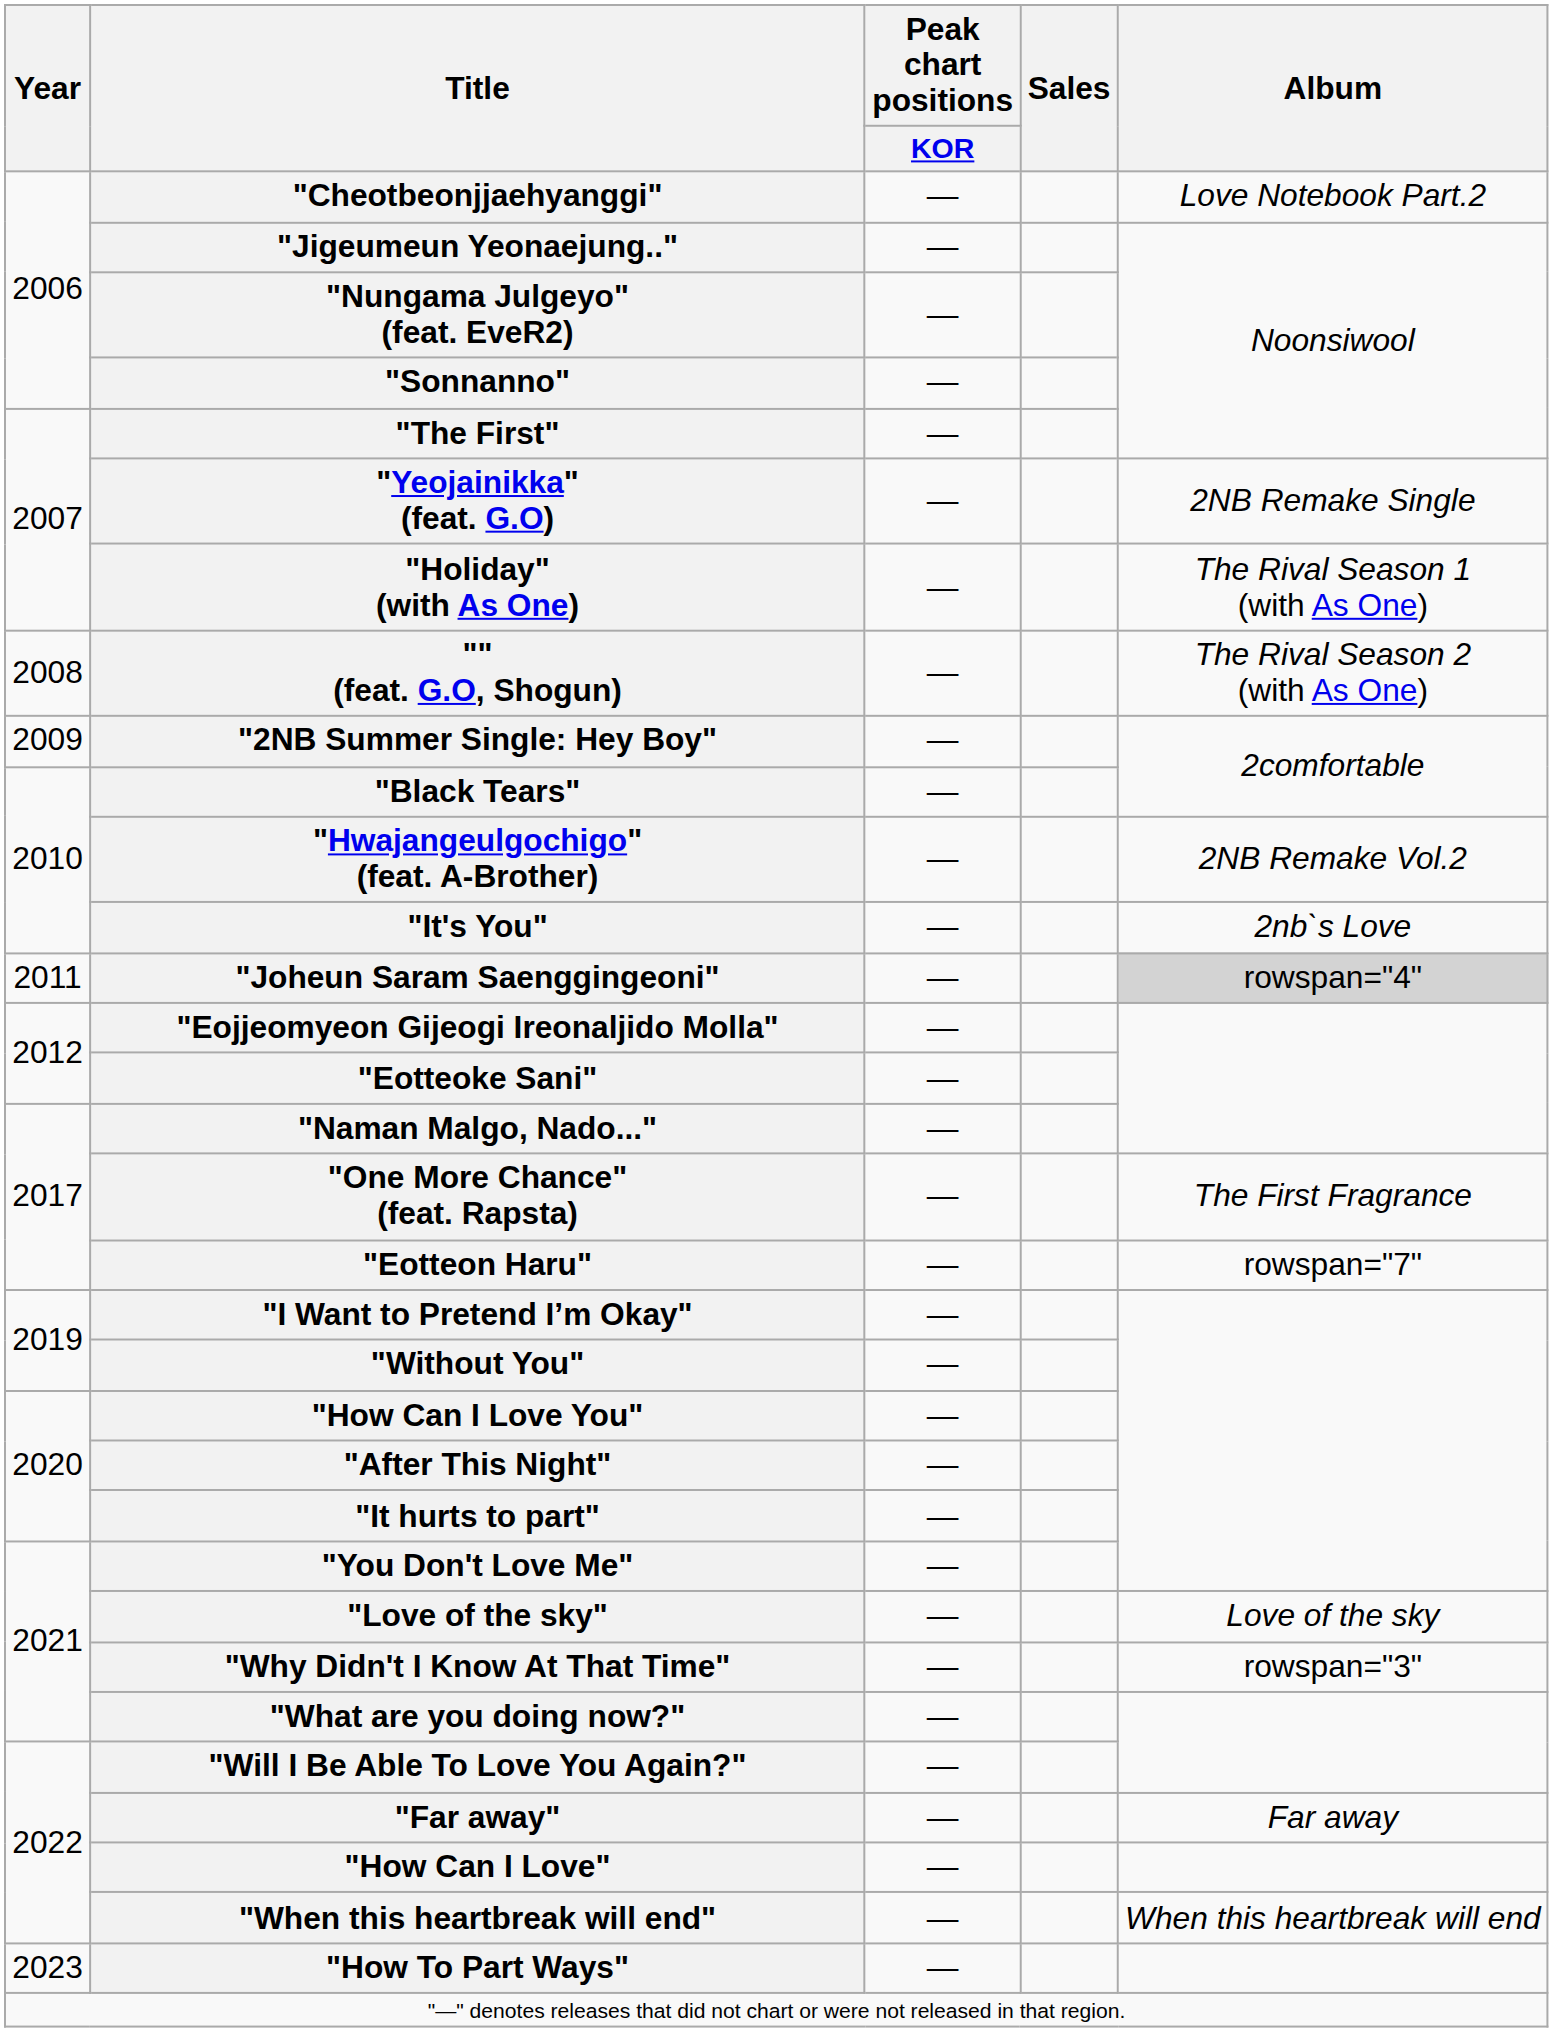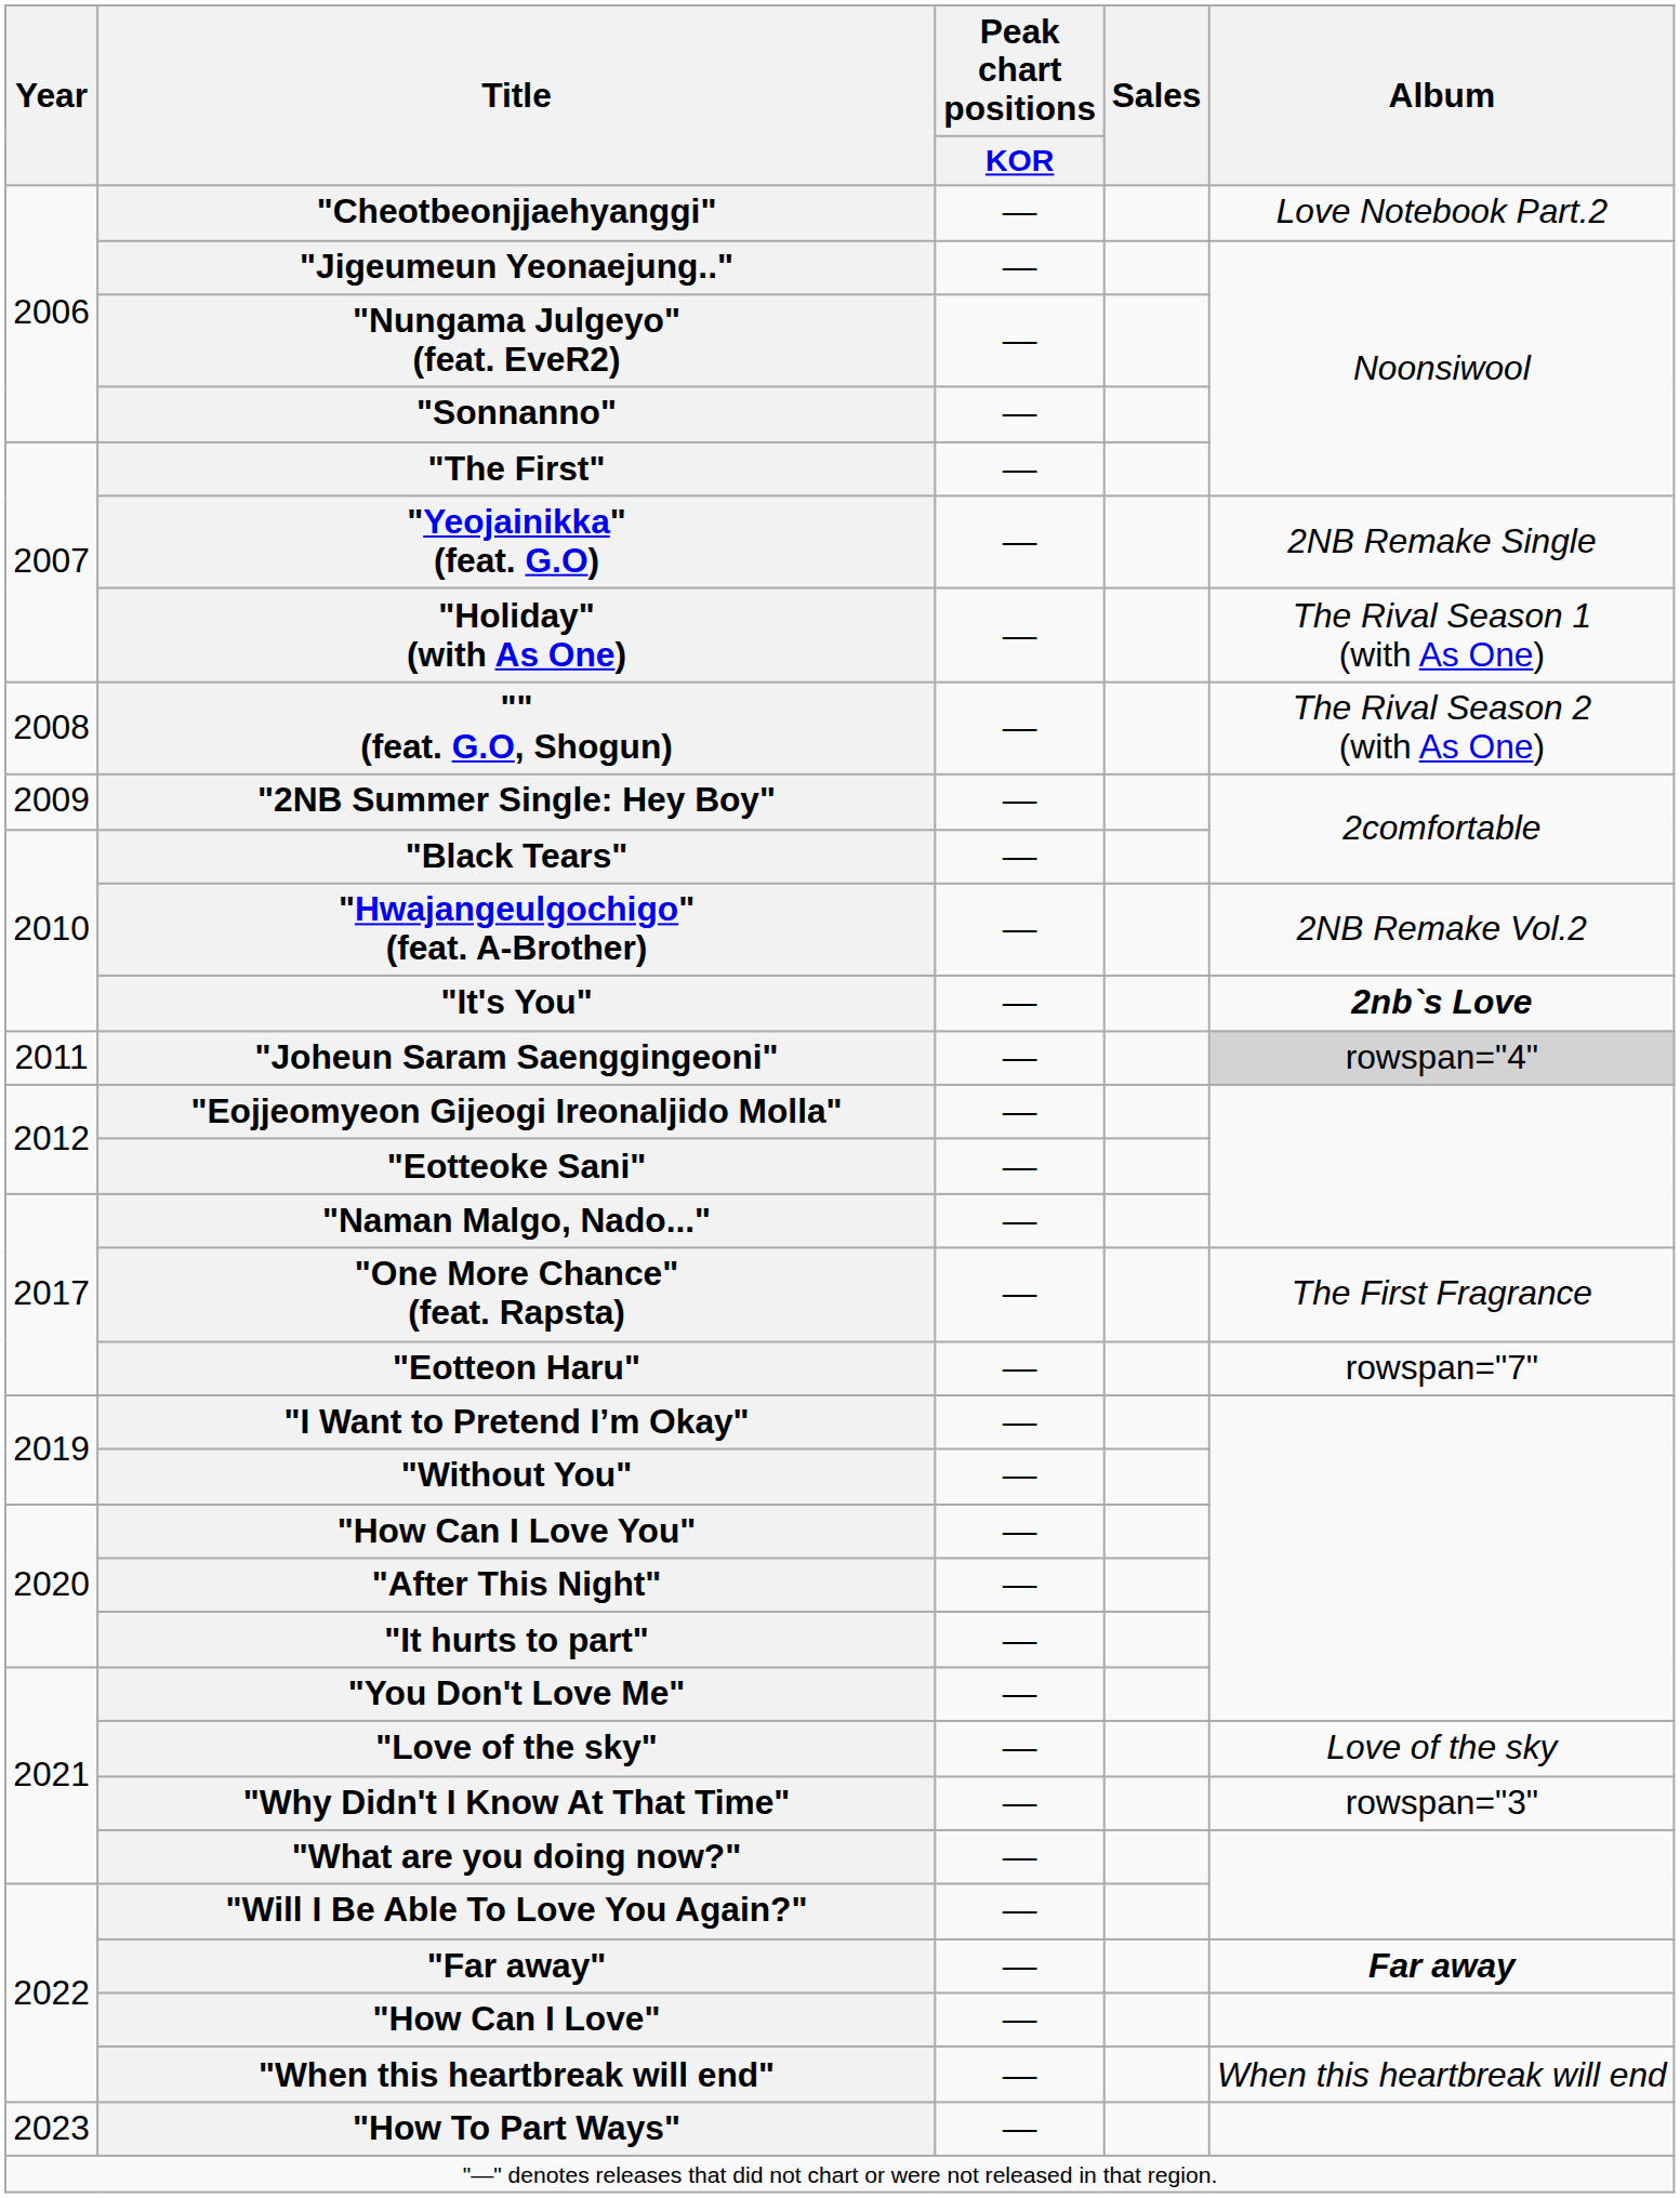 <table class="wikitable plainrowheaders" style="text-align:center;">
 <tr>
 <th scope="col" rowspan="2">Year</th>
 <th scope="col" rowspan="2" style="width:24em;">Title</th>
 <th colspan="1">Peak chart positions</th>
 <th rowspan="2">Sales</th>
 <th rowspan="2">Album</th>
 </tr>
 <tr>
 <th scope="col" style="width:4em;font-size:90%;"><a href='#'>KOR</a><br></th>
 </tr>
 <tr>
 <td rowspan="4">2006</td>
 <th scope="row">"Cheotbeonjjaehyanggi" </th>
 <td>—</td>
 <td></td>
 <td><em>Love Notebook Part.2</em></td>
 </tr>
 <tr>
 <th scope="row">"Jigeumeun Yeonaejung.." </th>
 <td>—</td>
 <td></td>
 <td rowspan="4"><em>Noonsiwool</em></td>
 </tr>
 <tr>
 <th scope="row">"Nungama Julgeyo" <br>(feat. EveR2)</th>
 <td>—</td>
 <td></td>
 </tr>
 <tr>
 <th scope="row">"Sonnanno" </th>
 <td>—</td>
 <td></td>
 </tr>
 <tr>
 <td rowspan="3">2007</td>
 <th scope="row">"The First" </th>
 <td>—</td>
 <td></td>
 </tr>
 <tr>
 <th scope="row">"<a href='#'>Yeojainikka</a>"  <br>(feat. <a href='#'>G.O</a>)</th>
 <td>—</td>
 <td></td>
 <td><em>2NB Remake Single</em></td>
 </tr>
 <tr>
 <th scope="row">"Holiday" <br>(with <a href='#'>As One</a>)</th>
 <td>—</td>
 <td></td>
 <td><em>The Rival Season 1</em> <br>(with <a href='#'>As One</a>)</td>
 </tr>
 <tr>
 <td>2008</td>
 <th scope="row">"" <br>(feat. <a href='#'>G.O</a>, Shogun)</th>
 <td>—</td>
 <td></td>
 <td><em>The Rival Season 2</em> <br>(with <a href='#'>As One</a>)</td>
 </tr>
 <tr>
 <td>2009</td>
 <th scope="row">"2NB Summer Single: Hey Boy"</th>
 <td>—</td>
 <td></td>
 <td rowspan="2"><em>2comfortable</em></td>
 </tr>
 <tr>
 <td rowspan="3">2010</td>
 <th scope="row">"Black Tears" </th>
 <td>—</td>
 <td></td>
 </tr>
 <tr>
 <th scope="row">"<a href='#'>Hwajangeulgochigo</a>" <br>(feat. A-Brother)</th>
 <td>—</td>
 <td></td>
 <td><em>2NB Remake Vol.2</em></td>
 </tr>
 <tr>
 <th scope="row">"It's You" </th>
 <td>—</td>
 <td></td>
-<td><em>2nb`s Love</em></td>
+<td><strong><em>2nb`s Love</em></strong></td>
 </tr>
 <tr>
 <td>2011</td>
 <th scope="row">"Joheun Saram Saenggingeoni" </th>
 <td>—</td>
 <td></td>
 <td style="background: lightgrey;">rowspan="4" </td>
 </tr>
 <tr>
 <td rowspan="2">2012</td>
 <th scope="row">"Eojjeomyeon Gijeogi Ireonaljido Molla" </th>
 <td>—</td>
 <td></td>
 </tr>
 <tr>
 <th scope="row">"Eotteoke Sani" </th>
 <td>—</td>
 <td></td>
 </tr>
 <tr>
 <td rowspan="3">2017</td>
 <th scope="row">"Naman Malgo, Nado..." </th>
 <td>—</td>
 <td></td>
 </tr>
 <tr>
 <th scope="row">"One More Chance" <br>(feat. Rapsta)</th>
 <td>—</td>
 <td></td>
 <td><em>The First Fragrance</em></td>
 </tr>
 <tr>
 <th scope="row">"Eotteon Haru" </th>
 <td>—</td>
 <td></td>
 <td>rowspan="7" </td>
 </tr>
 <tr>
 <td rowspan="2">2019</td>
 <th scope="row">"I Want to Pretend I’m Okay" </th>
 <td>—</td>
 <td></td>
 </tr>
 <tr>
 <th scope="row">"Without You" </th>
 <td>—</td>
 <td></td>
 </tr>
 <tr>
 <td rowspan="3">2020</td>
 <th scope="row">"How Can I Love You" </th>
 <td>—</td>
 <td></td>
 </tr>
 <tr>
 <th scope="row">"After This Night" </th>
 <td>—</td>
 <td></td>
 </tr>
 <tr>
 <th scope="row">"It hurts to part" </th>
 <td>—</td>
 <td></td>
 </tr>
 <tr>
 <td rowspan="4">2021</td>
 <th scope="row">"You Don't Love Me" </th>
 <td>—</td>
 <td></td>
 </tr>
 <tr>
 <th scope="row">"Love of the sky" </th>
 <td>—</td>
 <td></td>
 <td><em>Love of the sky</em></td>
 </tr>
 <tr>
 <th scope="row">"Why Didn't I Know At That Time" </th>
 <td>—</td>
 <td></td>
 <td>rowspan="3" </td>
 </tr>
 <tr>
 <th scope="row">"What are you doing now?" </th>
 <td>—</td>
 <td></td>
 </tr>
 <tr>
 <td rowspan="4">2022</td>
 <th scope="row">"Will I Be Able To Love You Again?" </th>
 <td>—</td>
 <td></td>
 </tr>
 <tr>
 <th scope="row">"Far away" </th>
 <td>—</td>
 <td></td>
-<td><em>Far away</em></td>
+<td><strong><em>Far away</em></strong></td>
 </tr>
 <tr>
 <th scope="row">"How Can I Love" </th>
 <td>—</td>
 <td></td>
 <td></td>
 </tr>
 <tr>
 <th scope="row">"When this heartbreak will end" </th>
 <td>—</td>
 <td></td>
 <td><em>When this heartbreak will end</em></td>
 </tr>
 <tr>
 <td>2023</td>
 <th scope="row">"How To Part Ways" </th>
 <td>—</td>
 <td></td>
 <td></td>
 </tr>
 <tr>
 <td colspan="5" style="font-size:8pt;">"—" denotes releases that did not chart or were not released in that region.</td>
 </tr>
 </table>
